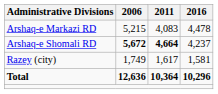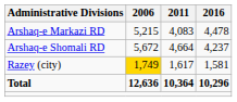 <table class="wikitable">
 <tr>
 <th>Administrative Divisions</th>
 <th>2006</th>
 <th>2011</th>
 <th>2016</th>
 </tr>
 <tr>
 <td><a href='#'>Arshaq-e Markazi RD</a></td>
 <td style="text-align: right;">5,215</td>
 <td style="text-align: right;">4,083</td>
 <td style="text-align: right;">4,478</td>
 </tr>
 <tr>
 <td><a href='#'>Arshaq-e Shomali RD</a></td>
-<td style="text-align: right;"><strong>5,672</strong></td>
-<td style="text-align: right;"><strong>4,664</strong></td>
+<td style="text-align: right;">5,672</td>
+<td style="text-align: right;">4,664</td>
 <td style="text-align: right;">4,237</td>
 </tr>
 <tr>
 <td><a href='#'>Razey</a> (city)</td>
-<td style="text-align: right;">1,749</td>
+<td style="background: gold; text-align: right;">1,749</td>
 <td style="text-align: right;">1,617</td>
 <td style="text-align: right;">1,581</td>
 </tr>
 <tr>
 <td><strong>Total</strong></td>
 <td style="text-align: right;"><strong>12,636</strong></td>
 <td style="text-align: right;"><strong>10,364</strong></td>
 <td style="text-align: right;"><strong>10,296</strong></td>
 </tr>
 <tr>
 <td colspan=4></td>
 </tr>
 </table>
